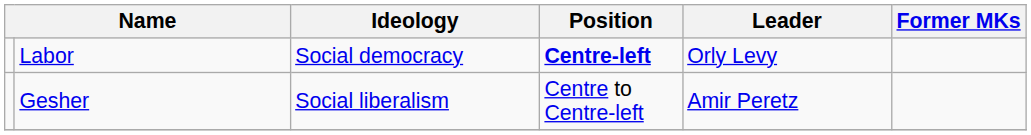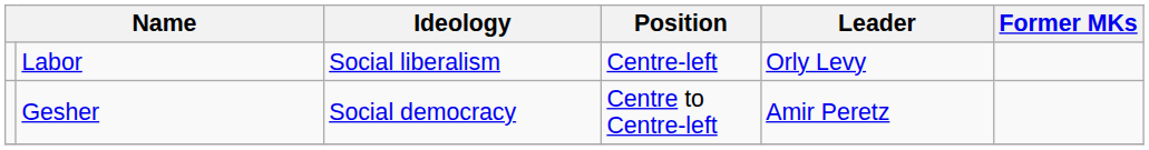 <table class="wikitable">
 <tr>
 <th colspan=2>Name</th>
 <th>Ideology</th>
 <th>Position</th>
 <th>Leader</th>
 <th><a href='#'>Former MKs</a></th>
 </tr>
 <tr>
 <td style="background: "></td>
 <td style="width:200px"><a href='#'>Labor</a></td>
-<td style="width:180px"><a href='#'>Social democracy</a></td>
-<td style="width:100px"><strong><a href='#'>Centre-left</a></strong></td>
+<td style="width:180px"><a href='#'>Social liberalism</a></td>
+<td style="width:100px"><a href='#'>Centre-left</a></td>
 <td style="width:150px"><a href='#'>Orly Levy</a></td>
 <td></td>
 </tr>
 <tr>
 <td style="background: "></td>
 <td style="width:200px"><a href='#'>Gesher</a></td>
-<td style="width:180px"><a href='#'>Social liberalism</a></td>
+<td style="width:180px"><a href='#'>Social democracy</a></td>
 <td style="width:100px"><a href='#'>Centre</a> to <a href='#'>Centre-left</a></td>
 <td style="width:150px"><a href='#'>Amir Peretz</a></td>
 <td></td>
 </tr>
 <tr>
 </tr>
 </table>
